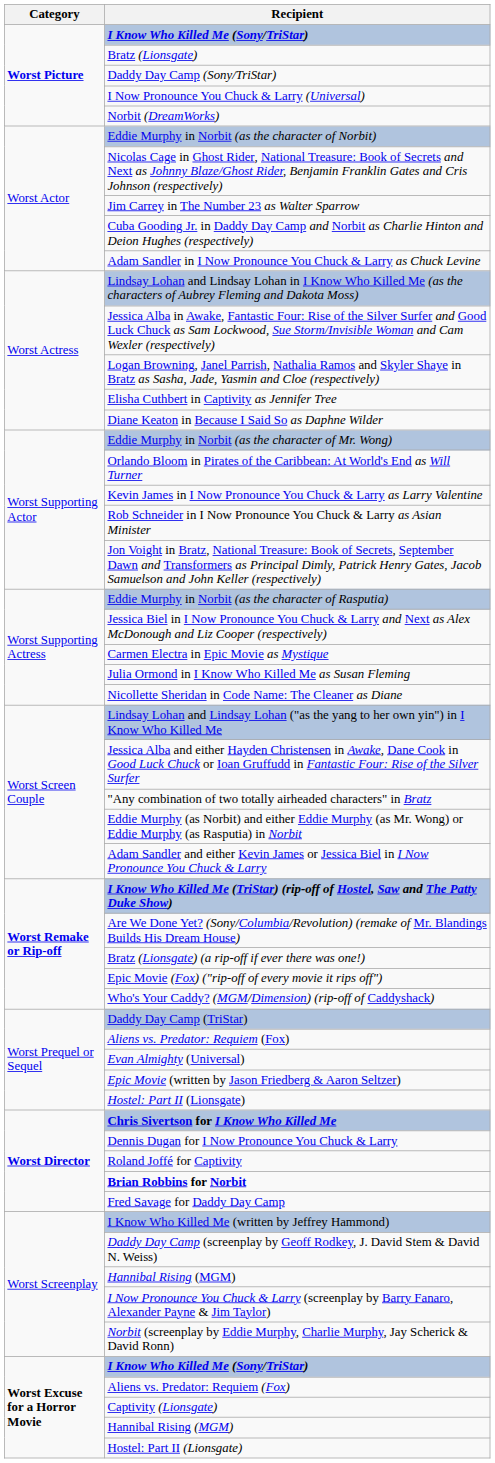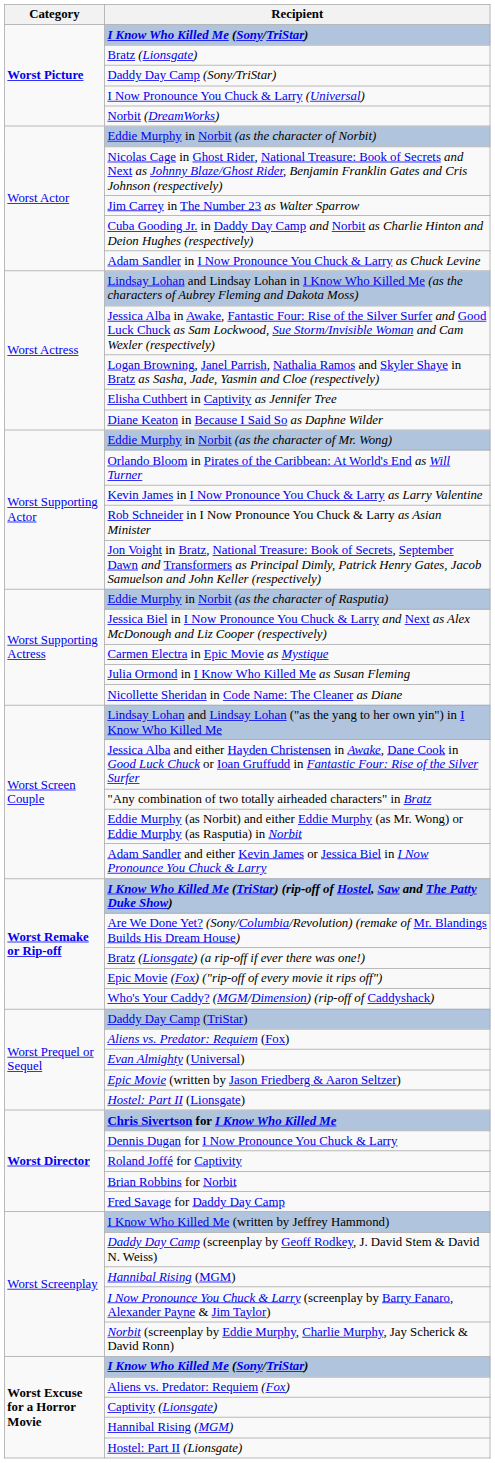 <table class="wikitable">
 <tr>
 <th>Category</th>
 <th>Recipient</th>
 </tr>
 <tr>
 <td rowspan=5><strong><a href='#'>Worst Picture</a></strong></td>
 <td style="background:#B0C4DE;"><strong><em><a href='#'>I Know Who Killed Me</a><em> (<a href='#'>Sony</a>/<a href='#'>TriStar</a>)<strong></td>
 </tr>
 <tr>
 <td></em><a href='#'>Bratz</a><em> (<a href='#'>Lionsgate</a>)</td>
 </tr>
 <tr>
 <td></em><a href='#'>Daddy Day Camp</a><em> (Sony/TriStar)</td>
 </tr>
 <tr>
 <td></em><a href='#'>I Now Pronounce You Chuck & Larry</a><em> (<a href='#'>Universal</a>)</td>
 </tr>
 <tr>
 <td></em><a href='#'>Norbit</a><em> (<a href='#'>DreamWorks</a>)</td>
 </tr>
 <tr>
 <td rowspan=5></strong><a href='#'>Worst Actor</a><strong></td>
 <td style="background:#B0C4DE;"></strong><a href='#'>Eddie Murphy</a> in </em><a href='#'>Norbit</a><em> (as the character of Norbit)<strong></td>
 </tr>
 <tr>
 <td><a href='#'>Nicolas Cage</a> in </em><a href='#'>Ghost Rider</a><em>, </em><a href='#'>National Treasure: Book of Secrets</a><em> and </em><a href='#'>Next</a><em> as <a href='#'>Johnny Blaze/Ghost Rider</a>, Benjamin Franklin Gates and Cris Johnson (respectively)</td>
 </tr>
 <tr>
 <td><a href='#'>Jim Carrey</a> in </em><a href='#'>The Number 23</a><em> as Walter Sparrow</td>
 </tr>
 <tr>
 <td><a href='#'>Cuba Gooding Jr.</a> in </em><a href='#'>Daddy Day Camp</a><em> and </em><a href='#'>Norbit</a><em> as Charlie Hinton and Deion Hughes (respectively)</td>
 </tr>
 <tr>
 <td><a href='#'>Adam Sandler</a> in </em><a href='#'>I Now Pronounce You Chuck & Larry</a><em> as Chuck Levine</td>
 </tr>
 <tr>
 <td rowspan=5></strong><a href='#'>Worst Actress</a><strong></td>
 <td style="background:#B0C4DE;"></strong><a href='#'>Lindsay Lohan</a> and Lindsay Lohan in </em><a href='#'>I Know Who Killed Me</a><em> (as the characters of Aubrey Fleming and Dakota Moss) <strong></td>
 </tr>
 <tr>
 <td><a href='#'>Jessica Alba</a> in </em><a href='#'>Awake</a><em>, </em><a href='#'>Fantastic Four: Rise of the Silver Surfer</a><em> and </em><a href='#'>Good Luck Chuck</a><em> as Sam Lockwood, <a href='#'>Sue Storm/Invisible Woman</a> and Cam Wexler (respectively)</td>
 </tr>
 <tr>
 <td><a href='#'>Logan Browning</a>, <a href='#'>Janel Parrish</a>, <a href='#'>Nathalia Ramos</a> and <a href='#'>Skyler Shaye</a> in </em><a href='#'>Bratz</a><em> as Sasha, Jade, Yasmin and Cloe (respectively)</td>
 </tr>
 <tr>
 <td><a href='#'>Elisha Cuthbert</a> in </em><a href='#'>Captivity</a><em> as Jennifer Tree</td>
 </tr>
 <tr>
 <td><a href='#'>Diane Keaton</a> in </em><a href='#'>Because I Said So</a><em> as Daphne Wilder</td>
 </tr>
 <tr>
 <td rowspan=5></strong><a href='#'>Worst Supporting Actor</a><strong></td>
 <td style="background:#B0C4DE;"></strong><a href='#'>Eddie Murphy</a> in </em><a href='#'>Norbit</a><em> (as the character of Mr. Wong)<strong></td>
 </tr>
 <tr>
 <td><a href='#'>Orlando Bloom</a> in </em><a href='#'>Pirates of the Caribbean: At World's End</a><em> as <a href='#'>Will Turner</a></td>
 </tr>
 <tr>
 <td><a href='#'>Kevin James</a> in </em><a href='#'>I Now Pronounce You Chuck & Larry</a><em> as Larry Valentine</td>
 </tr>
 <tr>
 <td><a href='#'>Rob Schneider</a> in </em>I Now Pronounce You Chuck & Larry<em> as Asian Minister</td>
 </tr>
 <tr>
 <td><a href='#'>Jon Voight</a> in </em><a href='#'>Bratz</a><em>, </em><a href='#'>National Treasure: Book of Secrets</a><em>, </em><a href='#'>September Dawn</a><em> and </em><a href='#'>Transformers</a><em> as Principal Dimly, Patrick Henry Gates, Jacob Samuelson and John Keller (respectively)</td>
 </tr>
 <tr>
 <td rowspan=5></strong><a href='#'>Worst Supporting Actress</a><strong></td>
 <td style="background:#B0C4DE;"></strong><a href='#'>Eddie Murphy</a> in </em><a href='#'>Norbit</a><em> (as the character of Rasputia)<strong></td>
 </tr>
 <tr>
 <td><a href='#'>Jessica Biel</a> in </em><a href='#'>I Now Pronounce You Chuck & Larry</a><em> and </em><a href='#'>Next</a><em> as Alex McDonough and Liz Cooper (respectively)</td>
 </tr>
 <tr>
 <td><a href='#'>Carmen Electra</a> in </em><a href='#'>Epic Movie</a><em> as <a href='#'>Mystique</a></td>
 </tr>
 <tr>
 <td><a href='#'>Julia Ormond</a> in </em><a href='#'>I Know Who Killed Me</a><em> as Susan Fleming</td>
 </tr>
 <tr>
 <td><a href='#'>Nicollette Sheridan</a> in </em><a href='#'>Code Name: The Cleaner</a><em> as Diane</td>
 </tr>
 <tr>
 <td rowspan=5></strong><a href='#'>Worst Screen Couple</a><strong></td>
 <td style="background:#B0C4DE;"></strong><a href='#'>Lindsay Lohan</a> and <a href='#'>Lindsay Lohan</a> ("as the yang to her own yin") in </em><a href='#'>I Know Who Killed Me</a></em></strong></td>
 </tr>
 <tr>
 <td><a href='#'>Jessica Alba</a> and either <a href='#'>Hayden Christensen</a> in <em><a href='#'>Awake</a></em>, <a href='#'>Dane Cook</a> in <em><a href='#'>Good Luck Chuck</a></em> or <a href='#'>Ioan Gruffudd</a> in <em><a href='#'>Fantastic Four: Rise of the Silver Surfer</a></em></td>
 </tr>
 <tr>
 <td>"Any combination of two totally airheaded characters" in <em><a href='#'>Bratz</a></em></td>
 </tr>
 <tr>
 <td><a href='#'>Eddie Murphy</a> (as Norbit) and either <a href='#'>Eddie Murphy</a> (as Mr. Wong) or <a href='#'>Eddie Murphy</a> (as Rasputia) in <em><a href='#'>Norbit</a></em></td>
 </tr>
 <tr>
 <td><a href='#'>Adam Sandler</a> and either <a href='#'>Kevin James</a> or <a href='#'>Jessica Biel</a> in <em><a href='#'>I Now Pronounce You Chuck & Larry</a></em></td>
 </tr>
 <tr>
 <td rowspan=5><strong><a href='#'>Worst Remake or Rip-off</a></strong></td>
 <td style="background:#B0C4DE;"><strong><em><a href='#'>I Know Who Killed Me</a><em> (<a href='#'>TriStar</a>) (rip-off of </em><a href='#'>Hostel</a><em>, </em><a href='#'>Saw</a><em> and </em><a href='#'>The Patty Duke Show</a><em>)<strong></td>
 </tr>
 <tr>
 <td></em><a href='#'>Are We Done Yet?</a><em> (Sony/<a href='#'>Columbia</a>/Revolution) (remake of </em><a href='#'>Mr. Blandings Builds His Dream House</a><em>)</td>
 </tr>
 <tr>
 <td></em><a href='#'>Bratz</a><em> (<a href='#'>Lionsgate</a>) (a rip-off if ever there was one!)</td>
 </tr>
 <tr>
 <td></em><a href='#'>Epic Movie</a><em> (<a href='#'>Fox</a>) ("rip-off of every movie it rips off")</td>
 </tr>
 <tr>
 <td></em><a href='#'>Who's Your Caddy?</a><em> (<a href='#'>MGM</a>/<a href='#'>Dimension</a>) (rip-off of </em><a href='#'>Caddyshack</a><em>)</td>
 </tr>
 <tr>
 <td rowspan=5></strong><a href='#'>Worst Prequel or Sequel</a><strong></td>
 <td style="background:#B0C4DE;"></em></strong><a href='#'>Daddy Day Camp</a></em> (<a href='#'>TriStar</a>)</strong></td>
 </tr>
 <tr>
 <td><em><a href='#'>Aliens vs. Predator: Requiem</a></em> (<a href='#'>Fox</a>)</td>
 </tr>
 <tr>
 <td><em><a href='#'>Evan Almighty</a></em> (<a href='#'>Universal</a>)</td>
 </tr>
 <tr>
 <td><em><a href='#'>Epic Movie</a></em> (written by <a href='#'>Jason Friedberg & Aaron Seltzer</a>)</td>
 </tr>
 <tr>
 <td><em><a href='#'>Hostel: Part II</a></em> (<a href='#'>Lionsgate</a>)</td>
 </tr>
 <tr>
 <td rowspan=5><strong><a href='#'>Worst Director</a></strong></td>
 <td style="background:#B0C4DE;"><strong><a href='#'>Chris Sivertson</a> for <em><a href='#'>I Know Who Killed Me</a><strong><em></td>
 </tr>
 <tr>
 <td><a href='#'>Dennis Dugan</a> for </em><a href='#'>I Now Pronounce You Chuck & Larry</a><em></td>
 </tr>
 <tr>
 <td><a href='#'>Roland Joffé</a> for </em><a href='#'>Captivity</a><em></td>
 </tr>
 <tr>
-<td><strong><a href='#'>Brian Robbins</a> for </em><a href='#'>Norbit</a><em></strong></td>
+<td><a href='#'>Brian Robbins</a> for </em><a href='#'>Norbit</a><em></td>
 </tr>
 <tr>
 <td><a href='#'>Fred Savage</a> for </em><a href='#'>Daddy Day Camp</a><em></td>
 </tr>
 <tr>
 <td rowspan=5></strong><a href='#'>Worst Screenplay</a><strong></td>
 <td style="background:#B0C4DE;"></em></strong><a href='#'>I Know Who Killed Me</a></em> (written by Jeffrey Hammond)</strong></td>
 </tr>
 <tr>
 <td><em><a href='#'>Daddy Day Camp</a></em> (screenplay by <a href='#'>Geoff Rodkey</a>, J. David Stem & David N. Weiss)</td>
 </tr>
 <tr>
 <td><em><a href='#'>Hannibal Rising</a></em> (<a href='#'>MGM</a>)</td>
 </tr>
 <tr>
 <td><em><a href='#'>I Now Pronounce You Chuck & Larry</a></em> (screenplay by <a href='#'>Barry Fanaro</a>, <a href='#'>Alexander Payne</a> & <a href='#'>Jim Taylor</a>)</td>
 </tr>
 <tr>
 <td><em><a href='#'>Norbit</a></em> (screenplay by <a href='#'>Eddie Murphy</a>, <a href='#'>Charlie Murphy</a>, Jay Scherick & David Ronn)</td>
 </tr>
 <tr>
 <td rowspan=5><strong>Worst Excuse for a Horror Movie</strong></td>
 <td style="background:#B0C4DE;"><strong><em><a href='#'>I Know Who Killed Me</a><em> (<a href='#'>Sony</a>/<a href='#'>TriStar</a>)<strong></td>
 </tr>
 <tr>
 <td></em><a href='#'>Aliens vs. Predator: Requiem</a><em> (<a href='#'>Fox</a>)</td>
 </tr>
 <tr>
 <td></em><a href='#'>Captivity</a><em> (<a href='#'>Lionsgate</a>)</td>
 </tr>
 <tr>
 <td></em><a href='#'>Hannibal Rising</a><em> (<a href='#'>MGM</a>)</td>
 </tr>
 <tr>
 <td></em><a href='#'>Hostel: Part II</a><em> (Lionsgate)</td>
 </tr>
 </table>
